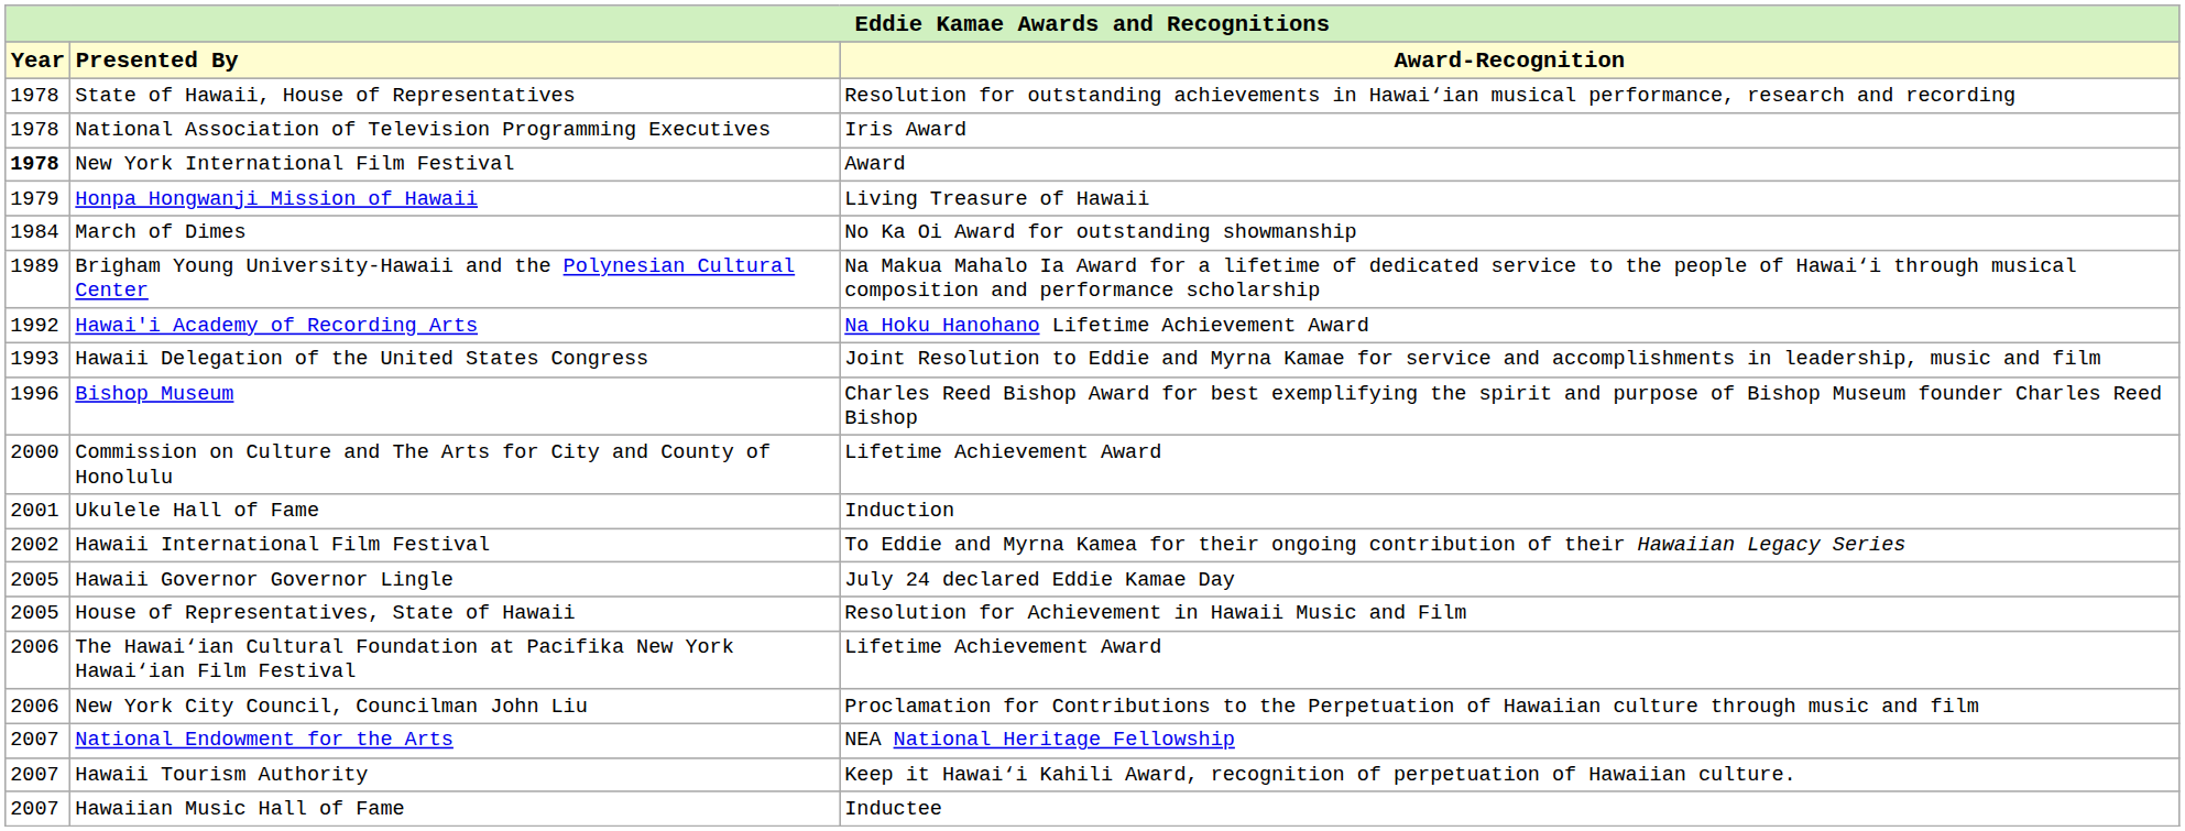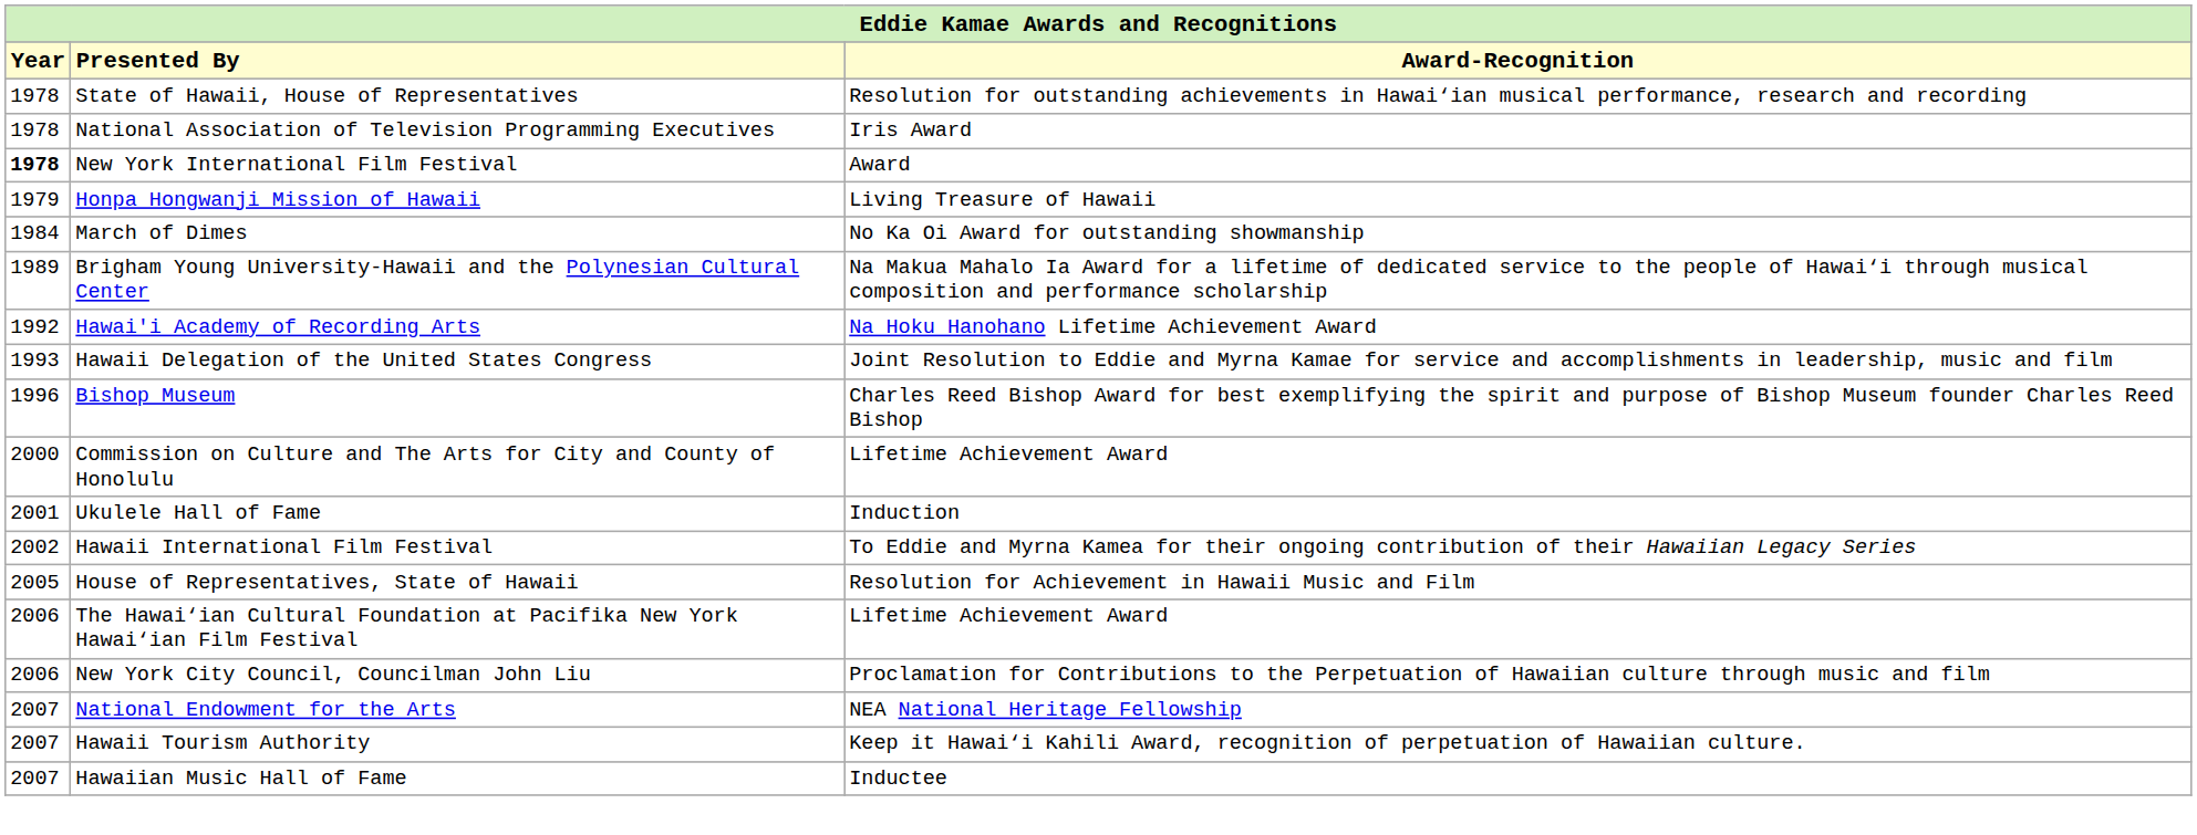 <table class="wikitable" | border="1" style="background:white" style="font-size:  90%;">
 <tr>
 <th colspan="3" align="center" style="background:#d0f0c0;">Eddie Kamae Awards and Recognitions</th>
 </tr>
 <tr valign="top">
 <td scope="col"  style="background:#FFFDD0;"><strong>Year</strong></td>
 <td scope="col"  style="background:#FFFDD0;"><strong>Presented By</strong></td>
 <th scope="col"  style="background: #FFFDD0;"><strong>Award-Recognition</strong></th>
 </tr>
 <tr valign="top" | style="font-size: 90%;">
 <td scope="row">1978</td>
 <td>State of Hawaii, House of Representatives</td>
 <td>Resolution for outstanding achievements in Hawai‘ian musical performance, research and recording</td>
 </tr>
 <tr valign="top" | style="font-size: 90%;">
 <td scope="row">1978</td>
 <td>National Association of Television Programming Executives</td>
 <td>Iris Award</td>
 </tr>
 <tr valign="top" | style="font-size: 90%;">
 <td scope="row"><strong>1978</strong></td>
 <td>New York International Film Festival</td>
 <td>Award</td>
 </tr>
 <tr valign="top" | style="font-size: 90%;">
 <td scope="row">1979</td>
 <td><a href='#'>Honpa Hongwanji Mission of Hawaii</a></td>
 <td>Living Treasure of Hawaii</td>
 </tr>
 <tr valign="top" | style="font-size: 90%;">
 <td scope="row">1984</td>
 <td>March of Dimes</td>
 <td>No Ka Oi Award for outstanding showmanship</td>
 </tr>
 <tr valign="top" | style="font-size: 90%;">
 <td scope="row">1989</td>
 <td>Brigham Young University-Hawaii and the <a href='#'>Polynesian Cultural Center</a></td>
 <td>Na Makua Mahalo Ia Award for a lifetime of dedicated service to the people of Hawai‘i through musical composition and performance scholarship</td>
 </tr>
 <tr valign="top" | style="font-size: 90%;">
 <td scope="row">1992</td>
 <td><a href='#'>Hawai'i Academy of Recording Arts</a></td>
 <td><a href='#'>Na Hoku Hanohano</a> Lifetime Achievement Award</td>
 </tr>
 <tr valign="top" | style="font-size: 90%;">
 <td scope="row">1993</td>
 <td>Hawaii Delegation of the United States Congress</td>
 <td>Joint Resolution to Eddie and Myrna Kamae for service and accomplishments in leadership, music and film</td>
 </tr>
 <tr valign="top" | style="font-size: 90%;">
 <td scope="row">1996</td>
 <td><a href='#'>Bishop Museum</a></td>
 <td>Charles Reed Bishop Award for best exemplifying the spirit and purpose of Bishop Museum founder Charles Reed Bishop</td>
 </tr>
 <tr valign="top" | style="font-size: 90%;">
 <td scope="row">2000</td>
 <td>Commission on Culture and The Arts for City and County of Honolulu</td>
 <td>Lifetime Achievement Award</td>
 </tr>
 <tr valign="top" | style="font-size: 90%;">
 <td scope="row">2001</td>
 <td>Ukulele Hall of Fame</td>
 <td>Induction </td>
 </tr>
 <tr valign="top" | style="font-size: 90%;">
 <td scope="row">2002</td>
 <td>Hawaii International Film Festival</td>
 <td>To Eddie and Myrna Kamea for their ongoing contribution of their <em>Hawaiian Legacy Series</em></td>
 </tr>
 <tr valign="top" | style="font-size: 90%;">
 <td scope="row">2005</td>
-<td>Hawaii Governor Governor Lingle</td>
-<td>July 24 declared Eddie Kamae Day</td>
-</tr>
-<tr valign="top" | style="font-size: 90%;">
-<td scope="row">2005</td>
 <td>House of Representatives, State of Hawaii</td>
 <td>Resolution for Achievement in Hawaii Music and Film</td>
 </tr>
 <tr valign="top" | style="font-size: 90%;">
 <td scope="row">2006</td>
 <td>The Hawai‘ian Cultural Foundation at Pacifika New York Hawai‘ian Film Festival</td>
 <td>Lifetime Achievement Award</td>
 </tr>
 <tr valign="top" | style="font-size: 90%;">
 <td scope="row">2006</td>
 <td>New York City Council, Councilman John Liu</td>
 <td>Proclamation for Contributions to the Perpetuation of Hawaiian culture through music and film</td>
 </tr>
 <tr valign="top" | style="font-size: 90%;">
 <td scope="row">2007</td>
 <td><a href='#'>National Endowment for the Arts</a></td>
 <td>NEA <a href='#'>National Heritage Fellowship</a></td>
 </tr>
 <tr valign="top" | style="font-size: 90%;">
 <td scope="row">2007</td>
 <td>Hawaii Tourism Authority</td>
 <td>Keep it Hawai‘i Kahili Award, recognition of perpetuation of Hawaiian culture.</td>
 </tr>
 <tr valign="top" | style="font-size: 90%;">
 <td scope="row">2007</td>
 <td>Hawaiian Music Hall of Fame</td>
 <td>Inductee</td>
 </tr>
 </table>
